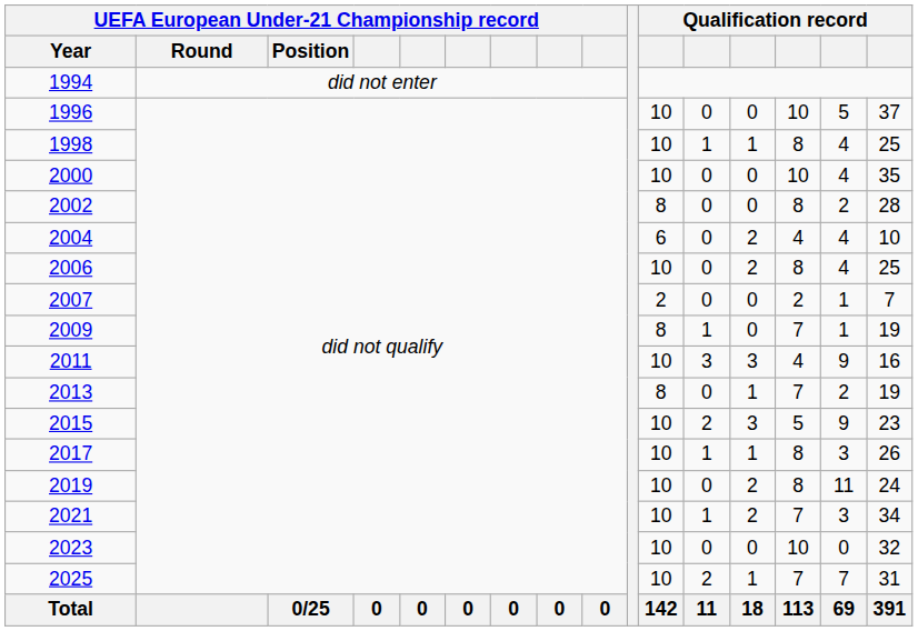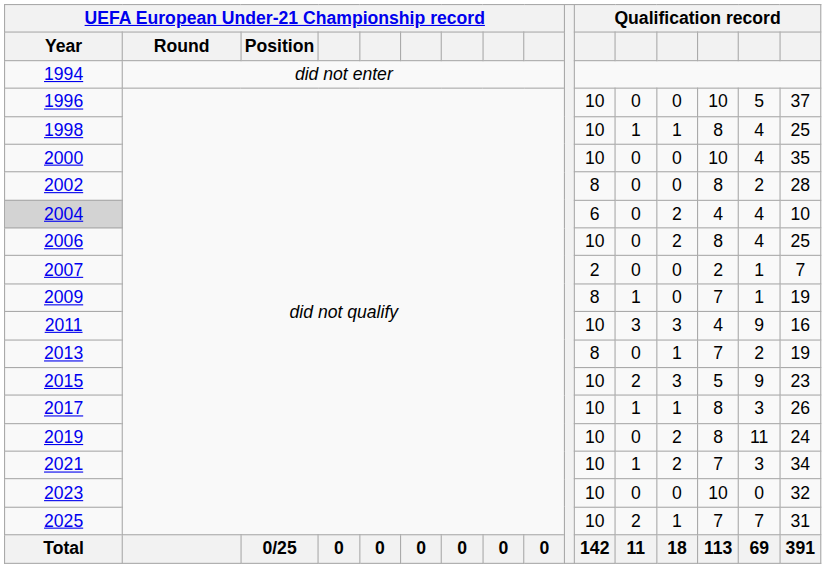 <table class="wikitable" style="text-align: center;">
 <tr>
 <th colspan=9><a href='#'>UEFA European Under-21 Championship record</a></th>
 <th width=1 rowspan=28></th>
 <th colspan=7>Qualification record</th>
 </tr>
 <tr>
 <th width=100>Year</th>
 <th width=100>Round</th>
 <th width=60>Position</th>
 <th width=30></th>
 <th width=30></th>
 <th width=30></th>
 <th width=30></th>
 <th width=30></th>
 <th width=30></th>
 <th width=30></th>
 <th width=30></th>
 <th width=30></th>
 <th width=30></th>
 <th width=30></th>
 <th width=30></th>
 </tr>
 <tr>
 <td> <a href='#'>1994</a></td>
 <td rowspan=1 colspan=8><em>did not enter</em></td>
 <td rowspan=1 colspan=7></td>
 </tr>
 <tr>
 <td> <a href='#'>1996</a></td>
 <td rowspan=16 colspan=8><em>did not qualify</em></td>
 <td>10</td>
 <td>0</td>
 <td>0</td>
 <td>10</td>
 <td>5</td>
 <td>37</td>
 </tr>
 <tr>
 <td> <a href='#'>1998</a></td>
 <td>10</td>
 <td>1</td>
 <td>1</td>
 <td>8</td>
 <td>4</td>
 <td>25</td>
 </tr>
 <tr>
 <td> <a href='#'>2000</a></td>
 <td>10</td>
 <td>0</td>
 <td>0</td>
 <td>10</td>
 <td>4</td>
 <td>35</td>
 </tr>
 <tr>
 <td> <a href='#'>2002</a></td>
 <td>8</td>
 <td>0</td>
 <td>0</td>
 <td>8</td>
 <td>2</td>
 <td>28</td>
 </tr>
 <tr>
-<td> <a href='#'>2004</a></td>
+<td style="background: lightgrey;"> <a href='#'>2004</a></td>
 <td>6</td>
 <td>0</td>
 <td>2</td>
 <td>4</td>
 <td>4</td>
 <td>10</td>
 </tr>
 <tr>
 <td> <a href='#'>2006</a></td>
 <td>10</td>
 <td>0</td>
 <td>2</td>
 <td>8</td>
 <td>4</td>
 <td>25</td>
 </tr>
 <tr>
 <td> <a href='#'>2007</a></td>
 <td>2</td>
 <td>0</td>
 <td>0</td>
 <td>2</td>
 <td>1</td>
 <td>7</td>
 </tr>
 <tr>
 <td> <a href='#'>2009</a></td>
 <td>8</td>
 <td>1</td>
 <td>0</td>
 <td>7</td>
 <td>1</td>
 <td>19</td>
 </tr>
 <tr>
 <td> <a href='#'>2011</a></td>
 <td>10</td>
 <td>3</td>
 <td>3</td>
 <td>4</td>
 <td>9</td>
 <td>16</td>
 </tr>
 <tr>
 <td> <a href='#'>2013</a></td>
 <td>8</td>
 <td>0</td>
 <td>1</td>
 <td>7</td>
 <td>2</td>
 <td>19</td>
 </tr>
 <tr>
 <td> <a href='#'>2015</a></td>
 <td>10</td>
 <td>2</td>
 <td>3</td>
 <td>5</td>
 <td>9</td>
 <td>23</td>
 </tr>
 <tr>
 <td> <a href='#'>2017</a></td>
 <td>10</td>
 <td>1</td>
 <td>1</td>
 <td>8</td>
 <td>3</td>
 <td>26</td>
 </tr>
 <tr>
 <td>  <a href='#'>2019</a></td>
 <td>10</td>
 <td>0</td>
 <td>2</td>
 <td>8</td>
 <td>11</td>
 <td>24</td>
 </tr>
 <tr>
 <td>  <a href='#'>2021</a></td>
 <td>10</td>
 <td>1</td>
 <td>2</td>
 <td>7</td>
 <td>3</td>
 <td>34</td>
 </tr>
 <tr>
 <td>  <a href='#'>2023</a></td>
 <td>10</td>
 <td>0</td>
 <td>0</td>
 <td>10</td>
 <td>0</td>
 <td>32</td>
 </tr>
 <tr>
 <td> <a href='#'>2025</a></td>
 <td>10</td>
 <td>2</td>
 <td>1</td>
 <td>7</td>
 <td>7</td>
 <td>31</td>
 </tr>
 <tr>
 <th>Total</th>
 <th></th>
 <th>0/25</th>
 <th>0</th>
 <th>0</th>
 <th>0</th>
 <th>0</th>
 <th>0</th>
 <th>0</th>
 <th>142</th>
 <th>11</th>
 <th>18</th>
 <th>113</th>
 <th>69</th>
 <th>391</th>
 </tr>
 </table>
